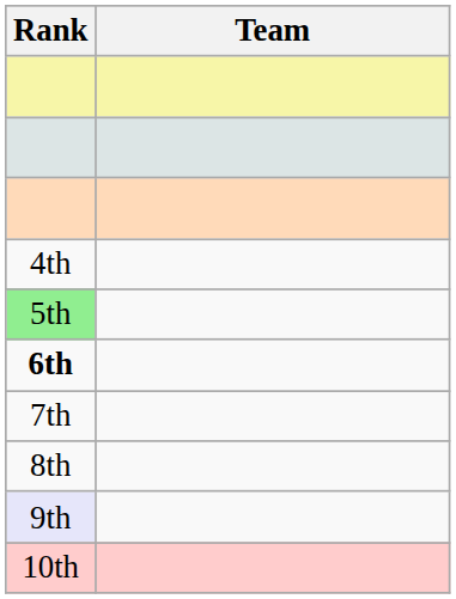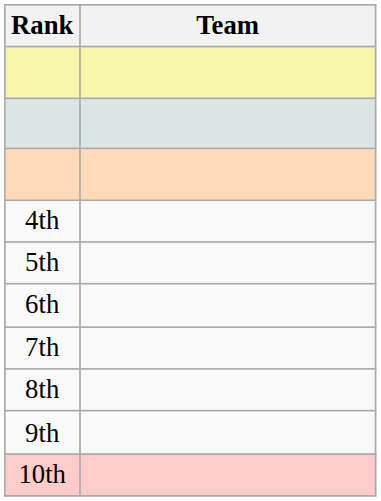 <table class="wikitable" style="text-align:center">
 <tr>
 <th>Rank</th>
 <th width=170px>Team</th>
 </tr>
 <tr style="background:#f7f6a8;">
 <td style="text-align:center; height:23px;"></td>
 <td align=left></td>
 </tr>
 <tr style="background:#dce5e5;">
 <td style="text-align:center; height:23px;"></td>
 <td align=left></td>
 </tr>
 <tr style="background:#ffdab9;">
 <td style="text-align:center; height:23px;"></td>
 <td align=left></td>
 </tr>
 <tr>
 <td>4th</td>
 <td align=left></td>
 </tr>
 <tr>
-<td style="background: lightgreen;">5th</td>
+<td>5th</td>
 <td align=left></td>
 </tr>
 <tr>
-<td><strong>6th</strong></td>
+<td>6th</td>
 <td align=left></td>
 </tr>
 <tr>
 <td>7th</td>
 <td align=left></td>
 </tr>
 <tr>
 <td>8th</td>
 <td align=left></td>
 </tr>
 <tr>
-<td style="background: lavender;">9th</td>
+<td>9th</td>
 <td align=left></td>
 </tr>
 <tr style="text-align:center; background:#ffcccc;">
 <td>10th</td>
 <td align=left></td>
 </tr>
 </table>
